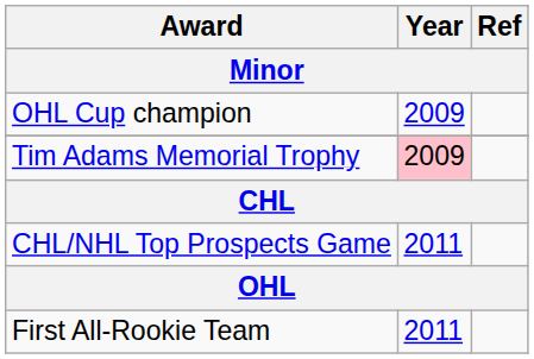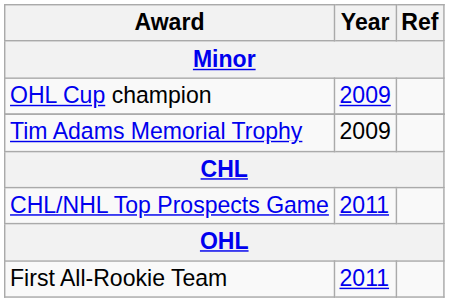 <table class="wikitable">
 <tr>
 <th scope="col">Award</th>
 <th scope="col">Year</th>
 <th scope="col">Ref</th>
 </tr>
 <tr>
 <th colspan="3"><a href='#'>Minor</a></th>
 </tr>
 <tr>
 <td><a href='#'>OHL Cup</a> champion</td>
 <td><a href='#'>2009</a></td>
 <td></td>
 </tr>
 <tr>
 </tr>
 <tr>
 <td><a href='#'>Tim Adams Memorial Trophy</a></td>
-<td style="background: pink;">2009</td>
+<td>2009</td>
 <td></td>
 </tr>
 <tr>
 <th colspan="3"><a href='#'>CHL</a></th>
 </tr>
 <tr>
 <td><a href='#'>CHL/NHL Top Prospects Game</a></td>
 <td><a href='#'>2011</a></td>
 <td></td>
 </tr>
 <tr>
 <th colspan="3"><a href='#'>OHL</a></th>
 </tr>
 <tr>
 <td>First All-Rookie Team</td>
 <td><a href='#'>2011</a></td>
 <td></td>
 </tr>
 </table>
